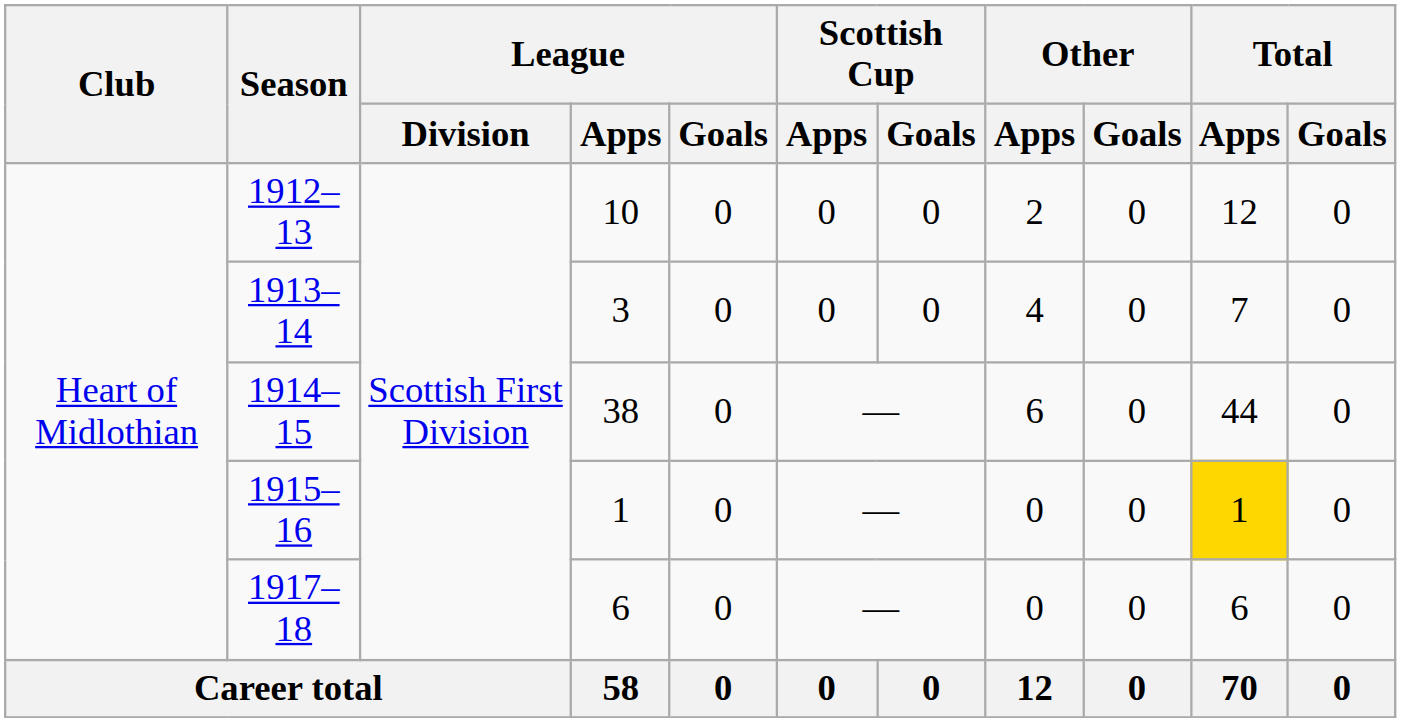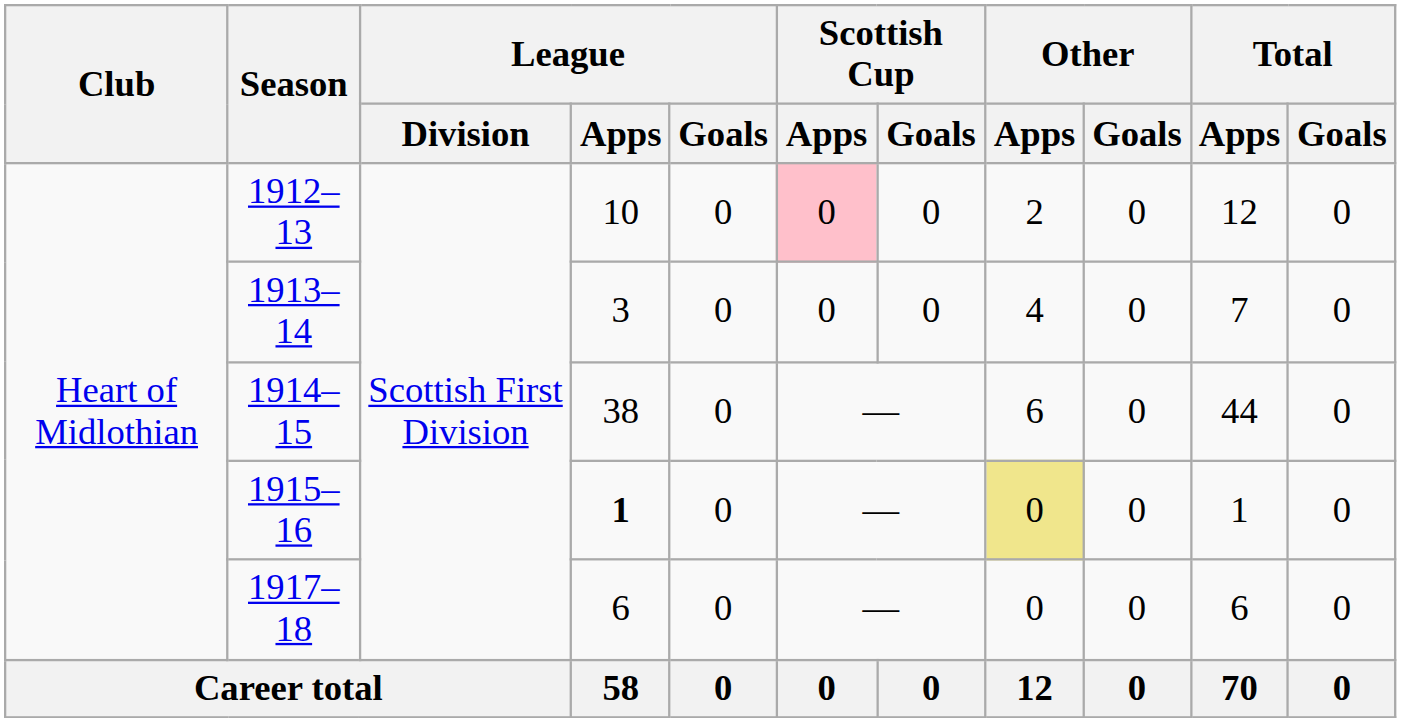 <table class="wikitable" style="text-align: center;">
 <tr>
 <th rowspan="2">Club</th>
 <th rowspan="2">Season</th>
 <th colspan="3">League</th>
 <th colspan="2">Scottish Cup</th>
 <th colspan="2">Other</th>
 <th colspan="2">Total</th>
 </tr>
 <tr>
 <th>Division</th>
 <th>Apps</th>
 <th>Goals</th>
 <th>Apps</th>
 <th>Goals</th>
 <th>Apps</th>
 <th>Goals</th>
 <th>Apps</th>
 <th>Goals</th>
 </tr>
 <tr>
 <td rowspan="5"><a href='#'>Heart of Midlothian</a></td>
 <td><a href='#'>1912–13</a></td>
 <td rowspan="5"><a href='#'>Scottish First Division</a></td>
 <td>10</td>
 <td>0</td>
-<td>0</td>
+<td style="background: pink;">0</td>
 <td>0</td>
 <td>2</td>
 <td>0</td>
 <td>12</td>
 <td>0</td>
 </tr>
 <tr>
 <td><a href='#'>1913–14</a></td>
 <td>3</td>
 <td>0</td>
 <td>0</td>
 <td>0</td>
 <td>4</td>
 <td>0</td>
 <td>7</td>
 <td>0</td>
 </tr>
 <tr>
 <td><a href='#'>1914–15</a></td>
 <td>38</td>
 <td>0</td>
 <td colspan="2">—</td>
 <td>6</td>
 <td>0</td>
 <td>44</td>
 <td>0</td>
 </tr>
 <tr>
 <td><a href='#'>1915–16</a></td>
-<td>1</td>
+<td><strong>1</strong></td>
 <td>0</td>
 <td colspan="2">—</td>
+<td style="background: khaki;">0</td>
 <td>0</td>
-<td>0</td>
-<td style="background: gold;">1</td>
+<td>1</td>
 <td>0</td>
 </tr>
 <tr>
 <td><a href='#'>1917–18</a></td>
 <td>6</td>
 <td>0</td>
 <td colspan="2">—</td>
 <td>0</td>
 <td>0</td>
 <td>6</td>
 <td>0</td>
 </tr>
 <tr>
 <th colspan="3">Career total</th>
 <th>58</th>
 <th>0</th>
 <th>0</th>
 <th>0</th>
 <th>12</th>
 <th>0</th>
 <th>70</th>
 <th>0</th>
 </tr>
 </table>
